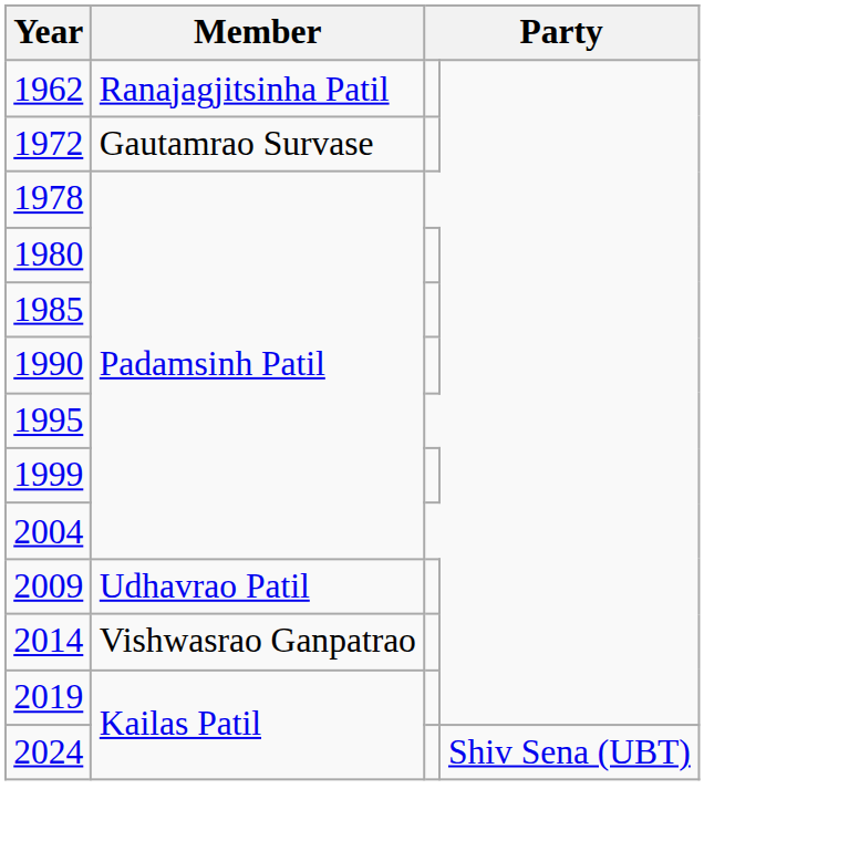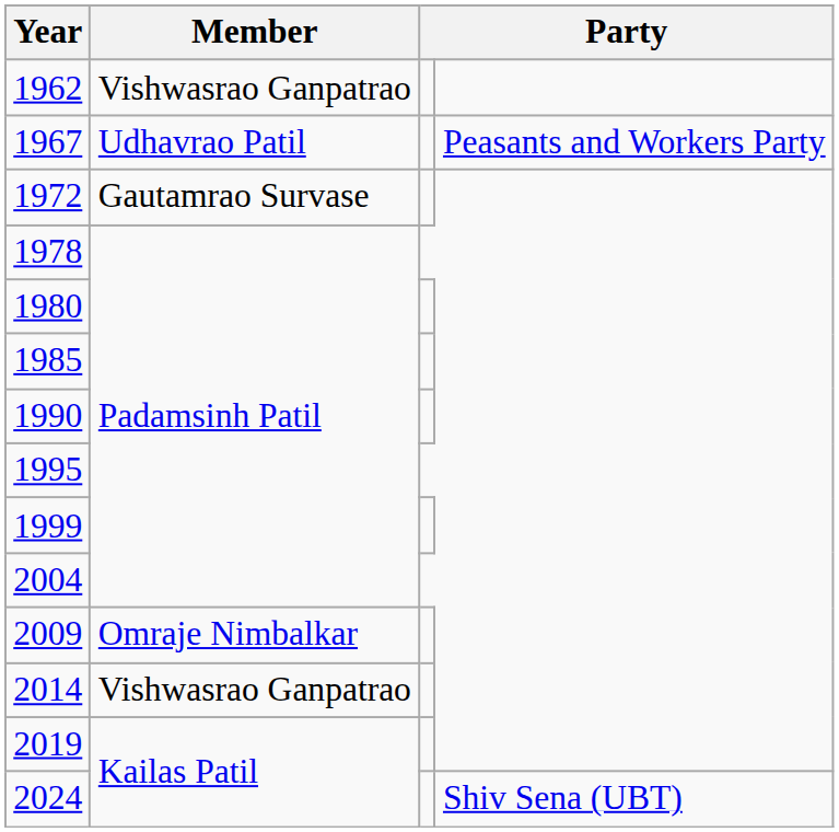 <table class="wikitable">
 <tr>
 <th>Year</th>
 <th>Member</th>
 <th colspan="2">Party</th>
 </tr>
 <tr>
 <td><a href='#'>1962</a></td>
-<td><a href='#'>Ranajagjitsinha Patil</a></td>
+<td>Vishwasrao Ganpatrao</td>
 <td></td>
+</tr>
+<tr>
+<td><a href='#'>1967</a></td>
+<td><a href='#'>Udhavrao Patil</a></td>
+<td style="background-color: "></td>
+<td><a href='#'>Peasants and Workers Party</a></td>
 </tr>
 <tr>
 <td><a href='#'>1972</a></td>
 <td>Gautamrao Survase</td>
 <td></td>
 </tr>
 <tr>
 <td><a href='#'>1978</a></td>
 <td rowspan=7><a href='#'>Padamsinh Patil</a></td>
 </tr>
 <tr>
 <td><a href='#'>1980</a></td>
 <td></td>
 </tr>
 <tr>
 <td><a href='#'>1985</a></td>
 <td></td>
 </tr>
 <tr>
 <td><a href='#'>1990</a></td>
 <td></td>
 </tr>
 <tr>
 <td><a href='#'>1995</a></td>
 </tr>
 <tr>
 <td><a href='#'>1999</a></td>
 <td></td>
 </tr>
 <tr>
 <td><a href='#'>2004</a></td>
 </tr>
 <tr>
 <td><a href='#'>2009</a></td>
-<td><a href='#'>Udhavrao Patil</a></td>
+<td><a href='#'>Omraje Nimbalkar</a></td>
 <td></td>
 </tr>
 <tr>
 <td><a href='#'>2014</a></td>
 <td>Vishwasrao Ganpatrao</td>
 <td></td>
 </tr>
 <tr>
 <td><a href='#'>2019</a></td>
 <td Rowspan=2><a href='#'>Kailas Patil</a></td>
 <td></td>
 </tr>
 <tr>
 <td><a href='#'>2024</a></td>
 <td style="background-color: "></td>
 <td><a href='#'>Shiv Sena (UBT)</a></td>
 </tr>
 </table>
